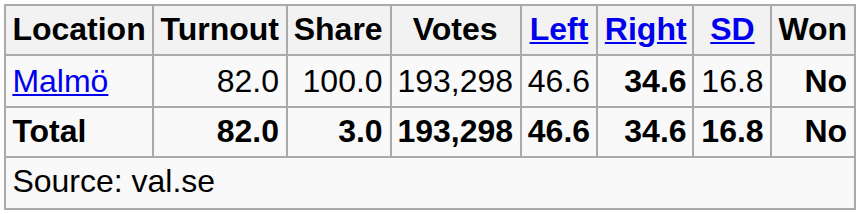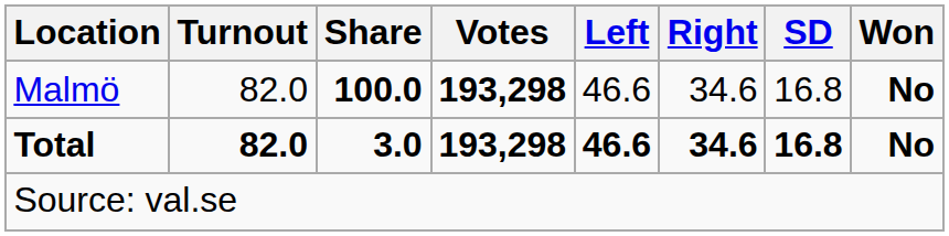 <table class="wikitable sortable" style=text-align:right>
 <tr>
 <th>Location</th>
 <th>Turnout</th>
 <th>Share</th>
 <th>Votes</th>
 <th><a href='#'>Left</a></th>
 <th><a href='#'>Right</a></th>
 <th><a href='#'>SD</a></th>
 <th>Won</th>
 </tr>
 <tr>
 <td align=left><a href='#'>Malmö</a></td>
 <td>82.0</td>
-<td>100.0</td>
-<td>193,298</td>
+<td><strong>100.0</strong></td>
+<td><strong>193,298</strong></td>
 <td>46.6</td>
-<td><strong>34.6</strong></td>
+<td>34.6</td>
 <td>16.8</td>
 <td><strong>No</strong></td>
 </tr>
 <tr>
 <td align=left><strong>Total</strong></td>
 <td><strong>82.0</strong></td>
 <td><strong>3.0</strong></td>
 <td><strong>193,298</strong></td>
 <td><strong>46.6</strong></td>
 <td><strong>34.6</strong></td>
 <td><strong>16.8</strong></td>
 <td><strong>No</strong></td>
 </tr>
 <tr>
 <td align=left colspan=8>Source: val.se</td>
 </tr>
 </table>
